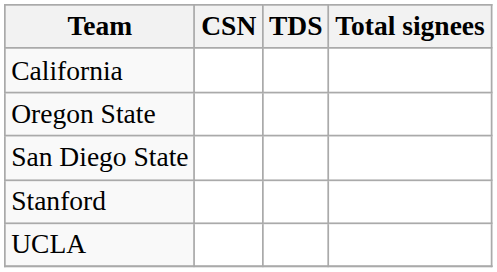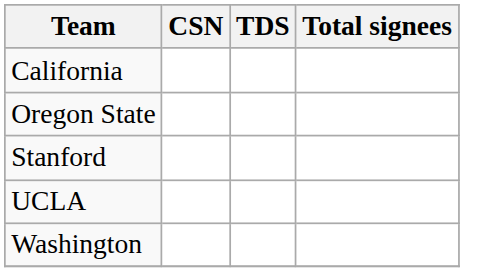 <table class="wikitable sortable">
 <tr>
 <th>Team</th>
 <th>CSN</th>
 <th>TDS</th>
 <th>Total signees</th>
 </tr>
 <tr>
 <td>California</td>
 <td style="text-align:center; background:white"></td>
 <td style="text-align:center; background:white"></td>
 <td style="text-align:center; background:white"></td>
 </tr>
 <tr>
 <td>Oregon State</td>
 <td style="text-align:center; background:white"></td>
 <td style="text-align:center; background:white"></td>
 <td style="text-align:center; background:white"></td>
 </tr>
 <tr>
-<td>San Diego State</td>
-<td style="text-align:center; background:white"></td>
-<td style="text-align:center; background:white"></td>
-<td style="text-align:center; background:white"></td>
-</tr>
-<tr>
 <td>Stanford</td>
 <td style="text-align:center; background:white"></td>
 <td style="text-align:center; background:white"></td>
 <td style="text-align:center; background:white"></td>
 </tr>
 <tr>
 <td>UCLA</td>
 <td style="text-align:center; background:white"></td>
 <td style="text-align:center; background:white"></td>
 <td style="text-align:center; background:white"></td>
 </tr>
 <tr>
+<td>Washington</td>
+<td style="text-align:center; background:white"></td>
+<td style="text-align:center; background:white"></td>
+<td style="text-align:center; background:white"></td>
+</tr>
+<tr>
 </tr>
 </table>
